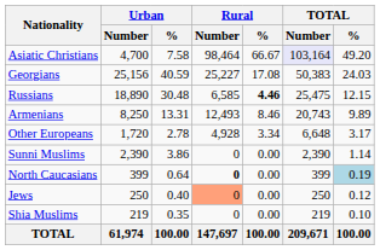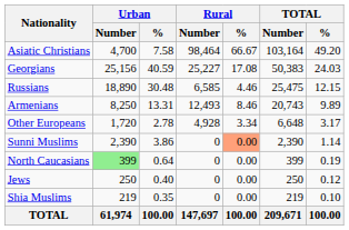 <table class="wikitable sortable">
 <tr>
 <th rowspan="2">Nationality</th>
 <th colspan="2"><a href='#'>Urban</a></th>
 <th colspan="2"><a href='#'>Rural</a></th>
 <th colspan="2">TOTAL</th>
 </tr>
 <tr>
 <th>Number</th>
 <th>%</th>
 <th>Number</th>
 <th>%</th>
 <th>Number</th>
 <th>%</th>
 </tr>
 <tr>
 <td><a href='#'>Asiatic Christians</a></td>
 <td align="right">4,700</td>
 <td align="right">7.58</td>
 <td align="right">98,464</td>
 <td align="right">66.67</td>
-<td align="right" style="background: lavender;">103,164</td>
+<td align="right">103,164</td>
 <td align="right">49.20</td>
 </tr>
 <tr>
 <td><a href='#'>Georgians</a></td>
 <td align="right">25,156</td>
 <td align="right">40.59</td>
 <td align="right">25,227</td>
 <td align="right">17.08</td>
 <td align="right">50,383</td>
 <td align="right">24.03</td>
 </tr>
 <tr>
 <td><a href='#'>Russians</a></td>
 <td align="right">18,890</td>
 <td align="right">30.48</td>
 <td align="right">6,585</td>
-<td align="right"><strong>4.46</strong></td>
+<td align="right">4.46</td>
 <td align="right">25,475</td>
 <td align="right">12.15</td>
 </tr>
 <tr>
 <td><a href='#'>Armenians</a></td>
 <td align="right">8,250</td>
 <td align="right">13.31</td>
 <td align="right">12,493</td>
 <td align="right">8.46</td>
 <td align="right">20,743</td>
 <td align="right">9.89</td>
 </tr>
 <tr>
 <td><a href='#'>Other Europeans</a></td>
 <td align="right">1,720</td>
 <td align="right">2.78</td>
 <td align="right">4,928</td>
 <td align="right">3.34</td>
 <td align="right">6,648</td>
 <td align="right">3.17</td>
 </tr>
 <tr>
 <td><a href='#'>Sunni Muslims</a></td>
 <td align="right">2,390</td>
 <td align="right">3.86</td>
 <td align="right">0</td>
-<td align="right">0.00</td>
+<td align="right" style="background: lightsalmon;">0.00</td>
 <td align="right">2,390</td>
 <td align="right">1.14</td>
 </tr>
 <tr>
 <td><a href='#'>North Caucasians</a></td>
-<td align="right">399</td>
+<td align="right" style="background: lightgreen;">399</td>
 <td align="right">0.64</td>
-<td align="right"><strong>0</strong></td>
+<td align="right">0</td>
 <td align="right">0.00</td>
 <td align="right">399</td>
-<td align="right" style="background: lightblue;">0.19</td>
+<td align="right">0.19</td>
 </tr>
 <tr>
 <td><a href='#'>Jews</a></td>
 <td align="right">250</td>
 <td align="right">0.40</td>
-<td align="right" style="background: lightsalmon;">0</td>
+<td align="right">0</td>
 <td align="right">0.00</td>
 <td align="right">250</td>
 <td align="right">0.12</td>
 </tr>
 <tr>
 <td><a href='#'>Shia Muslims</a></td>
 <td align="right">219</td>
 <td align="right">0.35</td>
 <td align="right">0</td>
 <td align="right">0.00</td>
 <td align="right">219</td>
 <td align="right">0.10</td>
 </tr>
 <tr>
 <th>TOTAL</th>
 <th>61,974</th>
 <th>100.00</th>
 <th>147,697</th>
 <th>100.00</th>
 <th>209,671</th>
 <th>100.00</th>
 </tr>
 </table>
